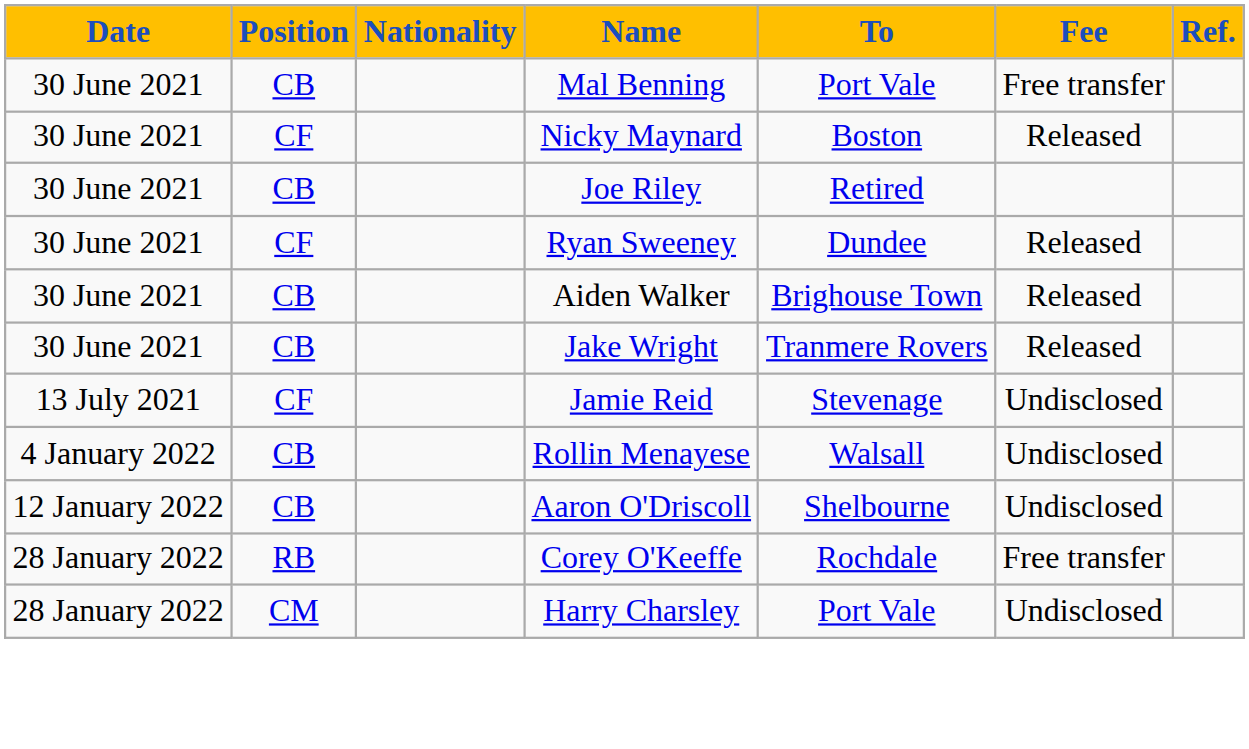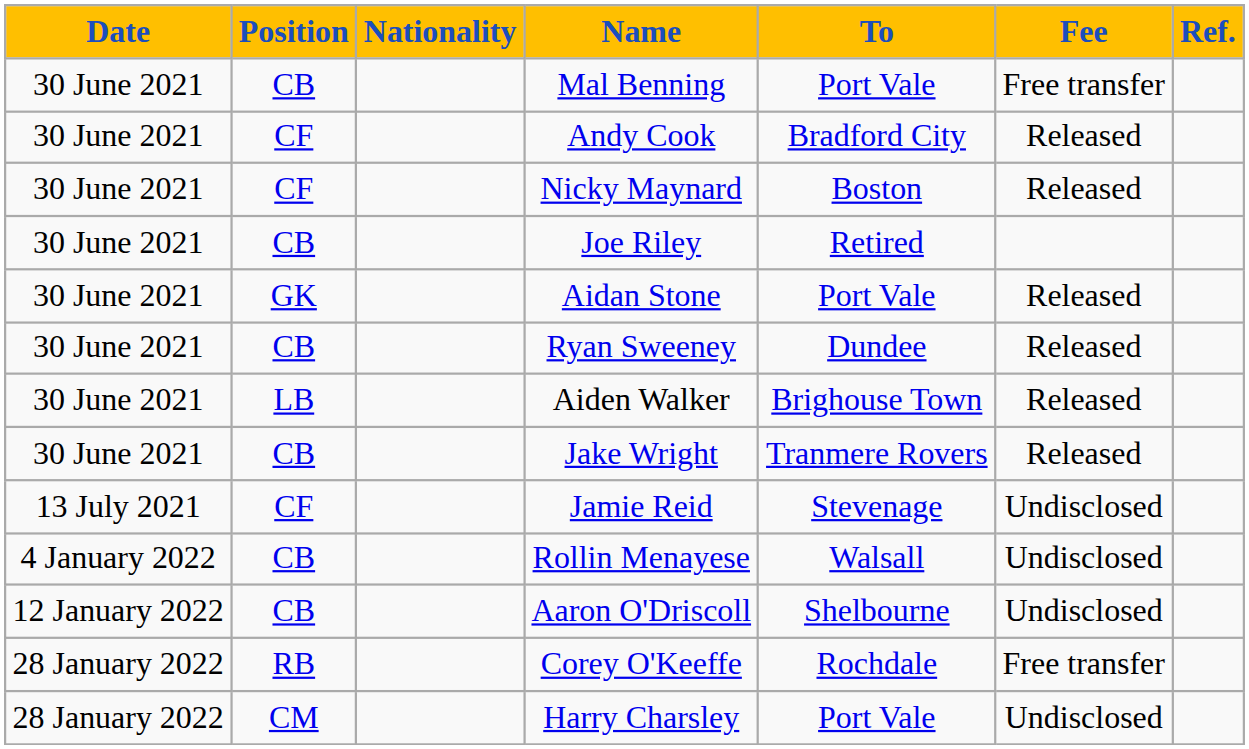 <table class="wikitable"  style="text-align:center; font-size:90%; ">
 <tr>
 <th style="background:#ffbf00;color:#1C4EBD ">Date</th>
 <th style="background:#ffbf00;color:#1C4EBD ">Position</th>
 <th style="background:#ffbf00;color:#1C4EBD ">Nationality</th>
 <th style="background:#ffbf00;color:#1C4EBD ">Name</th>
 <th style="background:#ffbf00;color:#1C4EBD ">To</th>
 <th style="background:#ffbf00;color:#1C4EBD ">Fee</th>
 <th style="background:#ffbf00;color:#1C4EBD ">Ref.</th>
 </tr>
 <tr>
 <td>30 June 2021</td>
 <td><a href='#'>CB</a></td>
 <td></td>
 <td><a href='#'>Mal Benning</a></td>
 <td> <a href='#'>Port Vale</a></td>
 <td>Free transfer</td>
 <td></td>
 </tr>
 <tr>
 <td>30 June 2021</td>
 <td><a href='#'>CF</a></td>
 <td></td>
+<td><a href='#'>Andy Cook</a></td>
+<td> <a href='#'>Bradford City</a></td>
+<td>Released</td>
+<td></td>
+</tr>
+<tr>
+<td>30 June 2021</td>
+<td><a href='#'>CF</a></td>
+<td></td>
 <td><a href='#'>Nicky Maynard</a></td>
 <td> <a href='#'>Boston</a></td>
 <td>Released</td>
 <td></td>
 </tr>
 <tr>
 <td>30 June 2021</td>
 <td><a href='#'>CB</a></td>
 <td></td>
 <td><a href='#'>Joe Riley</a></td>
 <td><a href='#'>Retired</a></td>
 <td></td>
 <td></td>
 </tr>
 <tr>
 <td>30 June 2021</td>
-<td><a href='#'>CF</a></td>
+<td><a href='#'>GK</a></td>
+<td></td>
+<td><a href='#'>Aidan Stone</a></td>
+<td> <a href='#'>Port Vale</a></td>
+<td>Released</td>
+<td></td>
+</tr>
+<tr>
+<td>30 June 2021</td>
+<td><a href='#'>CB</a></td>
 <td></td>
 <td><a href='#'>Ryan Sweeney</a></td>
 <td> <a href='#'>Dundee</a></td>
 <td>Released</td>
 <td></td>
 </tr>
 <tr>
 <td>30 June 2021</td>
-<td><a href='#'>CB</a></td>
+<td><a href='#'>LB</a></td>
 <td></td>
 <td>Aiden Walker</td>
 <td> <a href='#'>Brighouse Town</a></td>
 <td>Released</td>
 <td></td>
 </tr>
 <tr>
 <td>30 June 2021</td>
 <td><a href='#'>CB</a></td>
 <td></td>
 <td><a href='#'>Jake Wright</a></td>
 <td> <a href='#'>Tranmere Rovers</a></td>
 <td>Released</td>
 <td></td>
 </tr>
 <tr>
 <td>13 July 2021</td>
 <td><a href='#'>CF</a></td>
 <td></td>
 <td><a href='#'>Jamie Reid</a></td>
 <td> <a href='#'>Stevenage</a></td>
 <td>Undisclosed</td>
 <td></td>
 </tr>
 <tr>
 <td>4 January 2022</td>
 <td><a href='#'>CB</a></td>
 <td></td>
 <td><a href='#'>Rollin Menayese</a></td>
 <td> <a href='#'>Walsall</a></td>
 <td>Undisclosed</td>
 <td></td>
 </tr>
 <tr>
 <td>12 January 2022</td>
 <td><a href='#'>CB</a></td>
 <td></td>
 <td><a href='#'>Aaron O'Driscoll</a></td>
 <td> <a href='#'>Shelbourne</a></td>
 <td>Undisclosed</td>
 <td></td>
 </tr>
 <tr>
 <td>28 January 2022</td>
 <td><a href='#'>RB</a></td>
 <td></td>
 <td><a href='#'>Corey O'Keeffe</a></td>
 <td> <a href='#'>Rochdale</a></td>
 <td>Free transfer</td>
 <td></td>
 </tr>
 <tr>
 <td>28 January 2022</td>
 <td><a href='#'>CM</a></td>
 <td></td>
 <td><a href='#'>Harry Charsley</a></td>
 <td> <a href='#'>Port Vale</a></td>
 <td>Undisclosed</td>
 <td></td>
 </tr>
 </table>
